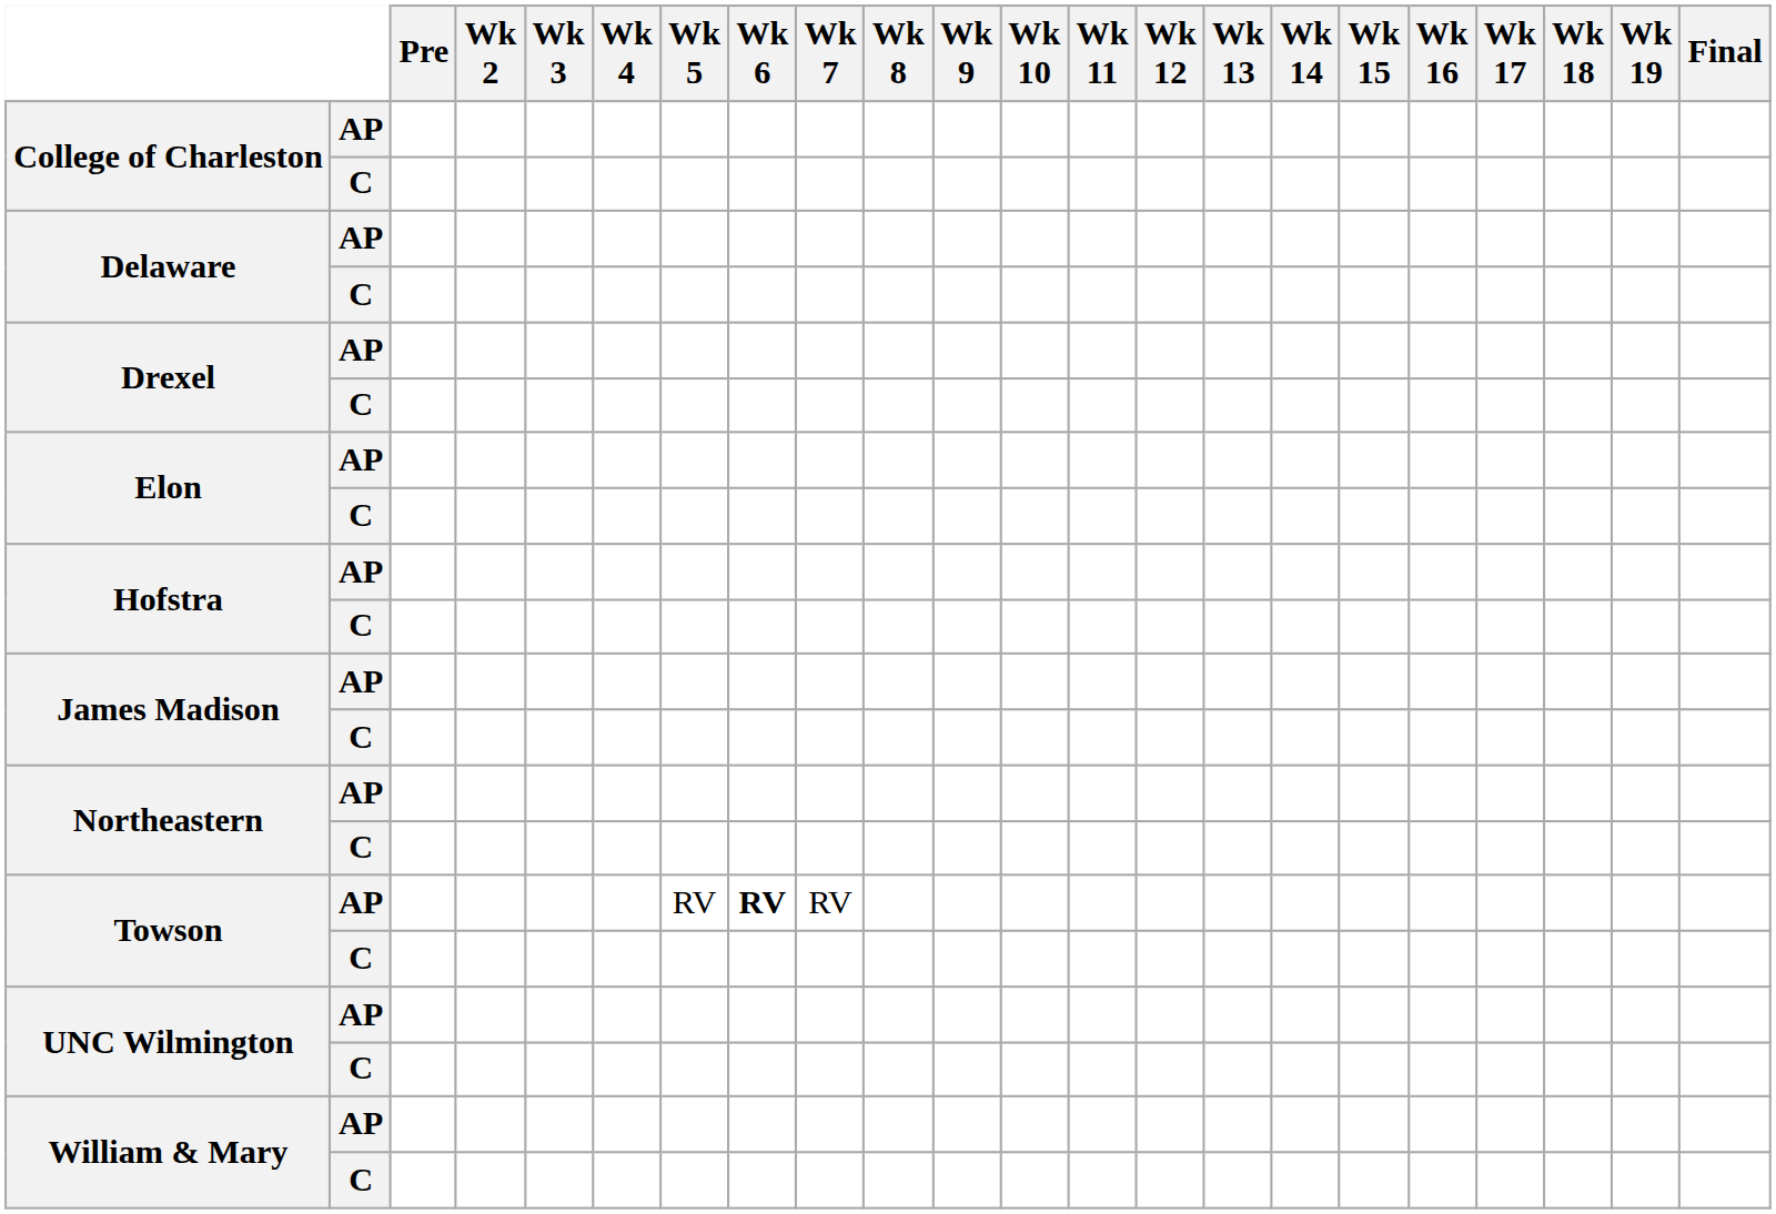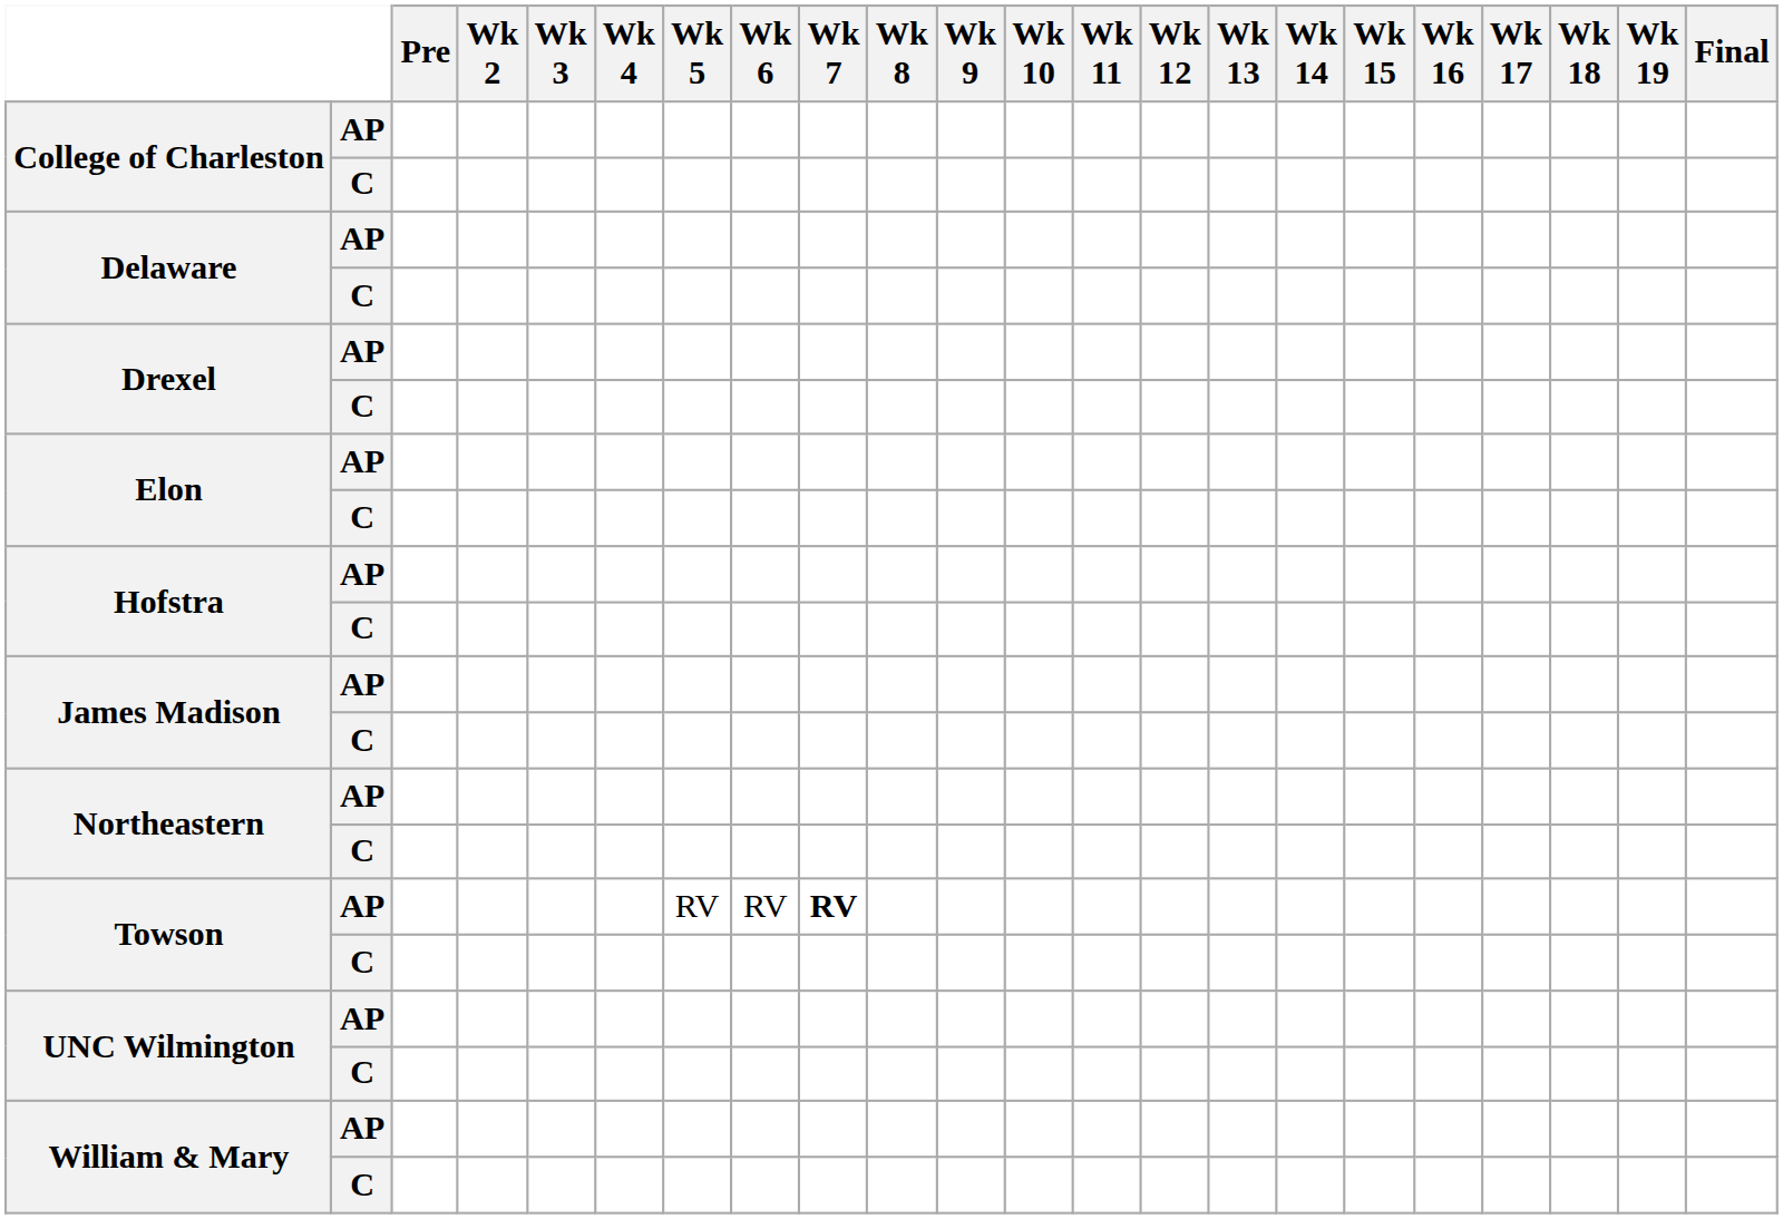 <table class="wikitable" style="white-space:nowrap;font-size:90%;">
 <tr>
 <th colspan=2 style="background:white; border-top-style:hidden; border-left-style:hidden;"> </th>
 <th>Pre</th>
 <th>Wk<br>2</th>
 <th>Wk<br>3</th>
 <th>Wk<br>4</th>
 <th>Wk<br>5</th>
 <th>Wk<br>6</th>
 <th>Wk<br>7</th>
 <th>Wk<br>8</th>
 <th>Wk<br>9</th>
 <th>Wk<br>10</th>
 <th>Wk<br>11</th>
 <th>Wk<br>12</th>
 <th>Wk<br>13</th>
 <th>Wk<br>14</th>
 <th>Wk<br>15</th>
 <th>Wk<br>16</th>
 <th>Wk<br>17</th>
 <th>Wk<br>18</th>
 <th>Wk<br>19</th>
 <th>Final</th>
 </tr>
 <tr style="text-align:center;">
 <th rowspan=2 style=>College of Charleston</th>
 <th>AP</th>
 <td style="background:#FFF;"></td>
 <td style="background:#FFF;"></td>
 <td style="background:#FFF;"></td>
 <td style="background:#FFF;"></td>
 <td style="background:#FFF;"></td>
 <td style="background:#FFF;"></td>
 <td style="background:#FFF;"></td>
 <td style="background:#FFF;"></td>
 <td style="background:#FFF;"></td>
 <td style="background:#FFF;"></td>
 <td style="background:#FFF;"></td>
 <td style="background:#FFF;"></td>
 <td style="background:#FFF;"></td>
 <td style="background:#FFF;"></td>
 <td style="background:#FFF;"></td>
 <td style="background:#FFF;"></td>
 <td style="background:#FFF;"></td>
 <td style="background:#FFF;"></td>
 <td style="background:#FFF;"></td>
 <td style="background:#FFF;"></td>
 </tr>
 <tr style="text-align:center;">
 <th>C</th>
 <td style="background:#FFF;"></td>
 <td style="background:#FFF;"></td>
 <td style="background:#FFF;"></td>
 <td style="background:#FFF;"></td>
 <td style="background:#FFF;"></td>
 <td style="background:#FFF;"></td>
 <td style="background:#FFF;"></td>
 <td style="background:#FFF;"></td>
 <td style="background:#FFF;"></td>
 <td style="background:#FFF;"></td>
 <td style="background:#FFF;"></td>
 <td style="background:#FFF;"></td>
 <td style="background:#FFF;"></td>
 <td style="background:#FFF;"></td>
 <td style="background:#FFF;"></td>
 <td style="background:#FFF;"></td>
 <td style="background:#FFF;"></td>
 <td style="background:#FFF;"></td>
 <td style="background:#FFF;"></td>
 <td style="background:#FFF;"></td>
 </tr>
 <tr style="text-align:center;">
 <th rowspan=2 style=>Delaware</th>
 <th>AP</th>
 <td style="background:#FFF;"></td>
 <td style="background:#FFF;"></td>
 <td style="background:#FFF;"></td>
 <td style="background:#FFF;"></td>
 <td style="background:#FFF;"></td>
 <td style="background:#FFF;"></td>
 <td style="background:#FFF;"></td>
 <td style="background:#FFF;"></td>
 <td style="background:#FFF;"></td>
 <td style="background:#FFF;"></td>
 <td style="background:#FFF;"></td>
 <td style="background:#FFF;"></td>
 <td style="background:#FFF;"></td>
 <td style="background:#FFF;"></td>
 <td style="background:#FFF;"></td>
 <td style="background:#FFF;"></td>
 <td style="background:#FFF;"></td>
 <td style="background:#FFF;"></td>
 <td style="background:#FFF;"></td>
 <td style="background:#FFF;"></td>
 </tr>
 <tr style="text-align:center;">
 <th>C</th>
 <td style="background:#FFF;"></td>
 <td style="background:#FFF;"></td>
 <td style="background:#FFF;"></td>
 <td style="background:#FFF;"></td>
 <td style="background:#FFF;"></td>
 <td style="background:#FFF;"></td>
 <td style="background:#FFF;"></td>
 <td style="background:#FFF;"></td>
 <td style="background:#FFF;"></td>
 <td style="background:#FFF;"></td>
 <td style="background:#FFF;"></td>
 <td style="background:#FFF;"></td>
 <td style="background:#FFF;"></td>
 <td style="background:#FFF;"></td>
 <td style="background:#FFF;"></td>
 <td style="background:#FFF;"></td>
 <td style="background:#FFF;"></td>
 <td style="background:#FFF;"></td>
 <td style="background:#FFF;"></td>
 <td style="background:#FFF;"></td>
 </tr>
 <tr style="text-align:center;">
 <th rowspan=2 style=>Drexel</th>
 <th>AP</th>
 <td style="background:#FFF;"></td>
 <td style="background:#FFF;"></td>
 <td style="background:#FFF;"></td>
 <td style="background:#FFF;"></td>
 <td style="background:#FFF;"></td>
 <td style="background:#FFF;"></td>
 <td style="background:#FFF;"></td>
 <td style="background:#FFF;"></td>
 <td style="background:#FFF;"></td>
 <td style="background:#FFF;"></td>
 <td style="background:#FFF;"></td>
 <td style="background:#FFF;"></td>
 <td style="background:#FFF;"></td>
 <td style="background:#FFF;"></td>
 <td style="background:#FFF;"></td>
 <td style="background:#FFF;"></td>
 <td style="background:#FFF;"></td>
 <td style="background:#FFF;"></td>
 <td style="background:#FFF;"></td>
 <td style="background:#FFF;"></td>
 </tr>
 <tr style="text-align:center;">
 <th>C</th>
 <td style="background:#FFF;"></td>
 <td style="background:#FFF;"></td>
 <td style="background:#FFF;"></td>
 <td style="background:#FFF;"></td>
 <td style="background:#FFF;"></td>
 <td style="background:#FFF;"></td>
 <td style="background:#FFF;"></td>
 <td style="background:#FFF;"></td>
 <td style="background:#FFF;"></td>
 <td style="background:#FFF;"></td>
 <td style="background:#FFF;"></td>
 <td style="background:#FFF;"></td>
 <td style="background:#FFF;"></td>
 <td style="background:#FFF;"></td>
 <td style="background:#FFF;"></td>
 <td style="background:#FFF;"></td>
 <td style="background:#FFF;"></td>
 <td style="background:#FFF;"></td>
 <td style="background:#FFF;"></td>
 <td style="background:#FFF;"></td>
 </tr>
 <tr style="text-align:center;">
 <th rowspan=2 style=>Elon</th>
 <th>AP</th>
 <td style="background:#FFF;"></td>
 <td style="background:#FFF;"></td>
 <td style="background:#FFF;"></td>
 <td style="background:#FFF;"></td>
 <td style="background:#FFF;"></td>
 <td style="background:#FFF;"></td>
 <td style="background:#FFF;"></td>
 <td style="background:#FFF;"></td>
 <td style="background:#FFF;"></td>
 <td style="background:#FFF;"></td>
 <td style="background:#FFF;"></td>
 <td style="background:#FFF;"></td>
 <td style="background:#FFF;"></td>
 <td style="background:#FFF;"></td>
 <td style="background:#FFF;"></td>
 <td style="background:#FFF;"></td>
 <td style="background:#FFF;"></td>
 <td style="background:#FFF;"></td>
 <td style="background:#FFF;"></td>
 <td style="background:#FFF;"></td>
 </tr>
 <tr style="text-align:center;">
 <th>C</th>
 <td style="background:#FFF;"></td>
 <td style="background:#FFF;"></td>
 <td style="background:#FFF;"></td>
 <td style="background:#FFF;"></td>
 <td style="background:#FFF;"></td>
 <td style="background:#FFF;"></td>
 <td style="background:#FFF;"></td>
 <td style="background:#FFF;"></td>
 <td style="background:#FFF;"></td>
 <td style="background:#FFF;"></td>
 <td style="background:#FFF;"></td>
 <td style="background:#FFF;"></td>
 <td style="background:#FFF;"></td>
 <td style="background:#FFF;"></td>
 <td style="background:#FFF;"></td>
 <td style="background:#FFF;"></td>
 <td style="background:#FFF;"></td>
 <td style="background:#FFF;"></td>
 <td style="background:#FFF;"></td>
 <td style="background:#FFF;"></td>
 </tr>
 <tr style="text-align:center;">
 <th rowspan=2 style=>Hofstra</th>
 <th>AP</th>
 <td style="background:#FFF;"></td>
 <td style="background:#FFF;"></td>
 <td style="background:#FFF;"></td>
 <td style="background:#FFF;"></td>
 <td style="background:#FFF;"></td>
 <td style="background:#FFF;"></td>
 <td style="background:#FFF;"></td>
 <td style="background:#FFF;"></td>
 <td style="background:#FFF;"></td>
 <td style="background:#FFF;"></td>
 <td style="background:#FFF;"></td>
 <td style="background:#FFF;"></td>
 <td style="background:#FFF;"></td>
 <td style="background:#FFF;"></td>
 <td style="background:#FFF;"></td>
 <td style="background:#FFF;"></td>
 <td style="background:#FFF;"></td>
 <td style="background:#FFF;"></td>
 <td style="background:#FFF;"></td>
 <td style="background:#FFF;"></td>
 </tr>
 <tr style="text-align:center;">
 <th>C</th>
 <td style="background:#FFF;"></td>
 <td style="background:#FFF;"></td>
 <td style="background:#FFF;"></td>
 <td style="background:#FFF;"></td>
 <td style="background:#FFF;"></td>
 <td style="background:#FFF;"></td>
 <td style="background:#FFF;"></td>
 <td style="background:#FFF;"></td>
 <td style="background:#FFF;"></td>
 <td style="background:#FFF;"></td>
 <td style="background:#FFF;"></td>
 <td style="background:#FFF;"></td>
 <td style="background:#FFF;"></td>
 <td style="background:#FFF;"></td>
 <td style="background:#FFF;"></td>
 <td style="background:#FFF;"></td>
 <td style="background:#FFF;"></td>
 <td style="background:#FFF;"></td>
 <td style="background:#FFF;"></td>
 <td style="background:#FFF;"></td>
 </tr>
 <tr style="text-align:center;">
 <th rowspan=2 style=>James Madison</th>
 <th>AP</th>
 <td style="background:#FFF;"></td>
 <td style="background:#FFF;"></td>
 <td style="background:#FFF;"></td>
 <td style="background:#FFF;"></td>
 <td style="background:#FFF;"></td>
 <td style="background:#FFF;"></td>
 <td style="background:#FFF;"></td>
 <td style="background:#FFF;"></td>
 <td style="background:#FFF;"></td>
 <td style="background:#FFF;"></td>
 <td style="background:#FFF;"></td>
 <td style="background:#FFF;"></td>
 <td style="background:#FFF;"></td>
 <td style="background:#FFF;"></td>
 <td style="background:#FFF;"></td>
 <td style="background:#FFF;"></td>
 <td style="background:#FFF;"></td>
 <td style="background:#FFF;"></td>
 <td style="background:#FFF;"></td>
 <td style="background:#FFF;"></td>
 </tr>
 <tr style="text-align:center;">
 <th>C</th>
 <td style="background:#FFF;"></td>
 <td style="background:#FFF;"></td>
 <td style="background:#FFF;"></td>
 <td style="background:#FFF;"></td>
 <td style="background:#FFF;"></td>
 <td style="background:#FFF;"></td>
 <td style="background:#FFF;"></td>
 <td style="background:#FFF;"></td>
 <td style="background:#FFF;"></td>
 <td style="background:#FFF;"></td>
 <td style="background:#FFF;"></td>
 <td style="background:#FFF;"></td>
 <td style="background:#FFF;"></td>
 <td style="background:#FFF;"></td>
 <td style="background:#FFF;"></td>
 <td style="background:#FFF;"></td>
 <td style="background:#FFF;"></td>
 <td style="background:#FFF;"></td>
 <td style="background:#FFF;"></td>
 <td style="background:#FFF;"></td>
 </tr>
 <tr style="text-align:center;">
 <th rowspan=2 style=>Northeastern</th>
 <th>AP</th>
 <td style="background:#FFF;"></td>
 <td style="background:#FFF;"></td>
 <td style="background:#FFF;"></td>
 <td style="background:#FFF;"></td>
 <td style="background:#FFF;"></td>
 <td style="background:#FFF;"></td>
 <td style="background:#FFF;"></td>
 <td style="background:#FFF;"></td>
 <td style="background:#FFF;"></td>
 <td style="background:#FFF;"></td>
 <td style="background:#FFF;"></td>
 <td style="background:#FFF;"></td>
 <td style="background:#FFF;"></td>
 <td style="background:#FFF;"></td>
 <td style="background:#FFF;"></td>
 <td style="background:#FFF;"></td>
 <td style="background:#FFF;"></td>
 <td style="background:#FFF;"></td>
 <td style="background:#FFF;"></td>
 <td style="background:#FFF;"></td>
 </tr>
 <tr style="text-align:center;">
 <th>C</th>
 <td style="background:#FFF;"></td>
 <td style="background:#FFF;"></td>
 <td style="background:#FFF;"></td>
 <td style="background:#FFF;"></td>
 <td style="background:#FFF;"></td>
 <td style="background:#FFF;"></td>
 <td style="background:#FFF;"></td>
 <td style="background:#FFF;"></td>
 <td style="background:#FFF;"></td>
 <td style="background:#FFF;"></td>
 <td style="background:#FFF;"></td>
 <td style="background:#FFF;"></td>
 <td style="background:#FFF;"></td>
 <td style="background:#FFF;"></td>
 <td style="background:#FFF;"></td>
 <td style="background:#FFF;"></td>
 <td style="background:#FFF;"></td>
 <td style="background:#FFF;"></td>
 <td style="background:#FFF;"></td>
 <td style="background:#FFF;"></td>
 </tr>
 <tr style="text-align:center;">
 <th rowspan=2 style=>Towson</th>
 <th>AP</th>
 <td style="background:#FFF;"></td>
 <td style="background:#FFF;"></td>
 <td style="background:#FFF;"></td>
 <td style="background:#FFF;"></td>
 <td style="background:#FFF;">RV</td>
+<td style="background:#FFF;">RV</td>
 <td style="background:#FFF;"><strong>RV</strong></td>
-<td style="background:#FFF;">RV</td>
 <td style="background:#FFF;"></td>
 <td style="background:#FFF;"></td>
 <td style="background:#FFF;"></td>
 <td style="background:#FFF;"></td>
 <td style="background:#FFF;"></td>
 <td style="background:#FFF;"></td>
 <td style="background:#FFF;"></td>
 <td style="background:#FFF;"></td>
 <td style="background:#FFF;"></td>
 <td style="background:#FFF;"></td>
 <td style="background:#FFF;"></td>
 <td style="background:#FFF;"></td>
 <td style="background:#FFF;"></td>
 </tr>
 <tr style="text-align:center;">
 <th>C</th>
 <td style="background:#FFF;"></td>
 <td style="background:#FFF;"></td>
 <td style="background:#FFF;"></td>
 <td style="background:#FFF;"></td>
 <td style="background:#FFF;"></td>
 <td style="background:#FFF;"></td>
 <td style="background:#FFF;"></td>
 <td style="background:#FFF;"></td>
 <td style="background:#FFF;"></td>
 <td style="background:#FFF;"></td>
 <td style="background:#FFF;"></td>
 <td style="background:#FFF;"></td>
 <td style="background:#FFF;"></td>
 <td style="background:#FFF;"></td>
 <td style="background:#FFF;"></td>
 <td style="background:#FFF;"></td>
 <td style="background:#FFF;"></td>
 <td style="background:#FFF;"></td>
 <td style="background:#FFF;"></td>
 <td style="background:#FFF;"></td>
 </tr>
 <tr style="text-align:center;">
 <th rowspan=2 style=>UNC Wilmington</th>
 <th>AP</th>
 <td style="background:#FFF;"></td>
 <td style="background:#FFF;"></td>
 <td style="background:#FFF;"></td>
 <td style="background:#FFF;"></td>
 <td style="background:#FFF;"></td>
 <td style="background:#FFF;"></td>
 <td style="background:#FFF;"></td>
 <td style="background:#FFF;"></td>
 <td style="background:#FFF;"></td>
 <td style="background:#FFF;"></td>
 <td style="background:#FFF;"></td>
 <td style="background:#FFF;"></td>
 <td style="background:#FFF;"></td>
 <td style="background:#FFF;"></td>
 <td style="background:#FFF;"></td>
 <td style="background:#FFF;"></td>
 <td style="background:#FFF;"></td>
 <td style="background:#FFF;"></td>
 <td style="background:#FFF;"></td>
 <td style="background:#FFF;"></td>
 </tr>
 <tr style="text-align:center;">
 <th>C</th>
 <td style="background:#FFF;"></td>
 <td style="background:#FFF;"></td>
 <td style="background:#FFF;"></td>
 <td style="background:#FFF;"></td>
 <td style="background:#FFF;"></td>
 <td style="background:#FFF;"></td>
 <td style="background:#FFF;"></td>
 <td style="background:#FFF;"></td>
 <td style="background:#FFF;"></td>
 <td style="background:#FFF;"></td>
 <td style="background:#FFF;"></td>
 <td style="background:#FFF;"></td>
 <td style="background:#FFF;"></td>
 <td style="background:#FFF;"></td>
 <td style="background:#FFF;"></td>
 <td style="background:#FFF;"></td>
 <td style="background:#FFF;"></td>
 <td style="background:#FFF;"></td>
 <td style="background:#FFF;"></td>
 <td style="background:#FFF;"></td>
 </tr>
 <tr style="text-align:center;">
 <th rowspan=2 style=>William & Mary</th>
 <th>AP</th>
 <td style="background:#FFF;"></td>
 <td style="background:#FFF;"></td>
 <td style="background:#FFF;"></td>
 <td style="background:#FFF;"></td>
 <td style="background:#FFF;"></td>
 <td style="background:#FFF;"></td>
 <td style="background:#FFF;"></td>
 <td style="background:#FFF;"></td>
 <td style="background:#FFF;"></td>
 <td style="background:#FFF;"></td>
 <td style="background:#FFF;"></td>
 <td style="background:#FFF;"></td>
 <td style="background:#FFF;"></td>
 <td style="background:#FFF;"></td>
 <td style="background:#FFF;"></td>
 <td style="background:#FFF;"></td>
 <td style="background:#FFF;"></td>
 <td style="background:#FFF;"></td>
 <td style="background:#FFF;"></td>
 <td style="background:#FFF;"></td>
 </tr>
 <tr style="text-align:center;">
 <th>C</th>
 <td style="background:#FFF;"></td>
 <td style="background:#FFF;"></td>
 <td style="background:#FFF;"></td>
 <td style="background:#FFF;"></td>
 <td style="background:#FFF;"></td>
 <td style="background:#FFF;"></td>
 <td style="background:#FFF;"></td>
 <td style="background:#FFF;"></td>
 <td style="background:#FFF;"></td>
 <td style="background:#FFF;"></td>
 <td style="background:#FFF;"></td>
 <td style="background:#FFF;"></td>
 <td style="background:#FFF;"></td>
 <td style="background:#FFF;"></td>
 <td style="background:#FFF;"></td>
 <td style="background:#FFF;"></td>
 <td style="background:#FFF;"></td>
 <td style="background:#FFF;"></td>
 <td style="background:#FFF;"></td>
 <td style="background:#FFF;"></td>
 </tr>
 </table>
